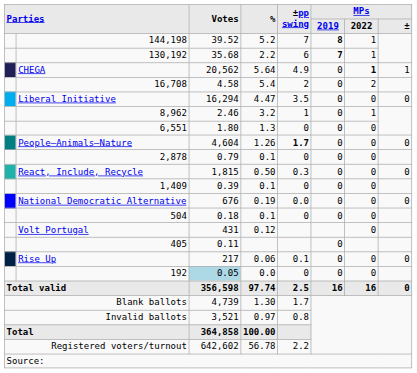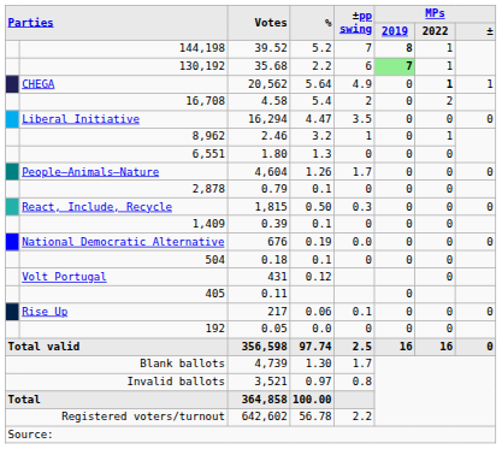 <table class="wikitable" style="text-align:right; font-size:95%;">
 <tr>
 <th rowspan="2" colspan="2" style="background:#e9e9e9; text-align:left;" alignleft><a href='#'>Parties</a></th>
 <th rowspan="2" style="background:#e9e9e9; text-align:right;">Votes</th>
 <th rowspan="2" style="background:#e9e9e9; text-align:right;">%</th>
 <th rowspan="2" style="background:#e9e9e9; text-align:right;">±<a href='#'>pp</a> <a href='#'>swing</a></th>
 <th colspan="3" style="background:#e9e9e9; text-align:center;"><a href='#'>MPs</a></th>
 </tr>
 <tr style="background-color:#E9E9E9">
 <th style="background-color:#E9E9E9;text-align:center;"><a href='#'>2019</a></th>
 <th style="background-color:#E9E9E9;text-align:center;">2022</th>
 <th style="background:#e9e9e9; text-align:right;">±</th>
 </tr>
 <tr>
 <td></td>
 <td>144,198</td>
 <td>39.52</td>
 <td>5.2</td>
 <td>7</td>
 <td><strong>8</strong></td>
 <td>1</td>
 </tr>
 <tr>
 <td></td>
 <td>130,192</td>
 <td>35.68</td>
 <td>2.2</td>
 <td>6</td>
-<td><strong>7</strong></td>
+<td style="background: lightgreen;"><strong>7</strong></td>
 <td>1</td>
 </tr>
 <tr>
 <td style="width: 10px" bgcolor="#202056" align="center"></td>
 <td align="left"><a href='#'>CHEGA</a></td>
 <td>20,562</td>
 <td>5.64</td>
 <td>4.9</td>
 <td>0</td>
 <td><strong>1</strong></td>
 <td>1</td>
 </tr>
 <tr>
 <td></td>
 <td>16,708</td>
 <td>4.58</td>
 <td>5.4</td>
 <td>2</td>
 <td>0</td>
 <td>2</td>
 </tr>
 <tr>
 <td style="width: 10px" bgcolor="#00ADEF" align="center"></td>
 <td align="left"><a href='#'>Liberal Initiative</a></td>
 <td>16,294</td>
 <td>4.47</td>
 <td>3.5</td>
 <td>0</td>
 <td>0</td>
 <td>0</td>
 </tr>
 <tr>
 <td></td>
 <td>8,962</td>
 <td>2.46</td>
 <td>3.2</td>
 <td>1</td>
 <td>0</td>
 <td>1</td>
 </tr>
 <tr>
 <td></td>
 <td>6,551</td>
 <td>1.80</td>
 <td>1.3</td>
 <td>0</td>
 <td>0</td>
 <td>0</td>
 </tr>
 <tr>
 <td style="width: 10px" bgcolor="teal" align="center"></td>
 <td align="left"><a href='#'>People–Animals–Nature</a></td>
 <td>4,604</td>
 <td>1.26</td>
-<td><strong>1.7</strong></td>
+<td>1.7</td>
 <td>0</td>
 <td>0</td>
 <td>0</td>
 </tr>
 <tr>
 <td></td>
 <td>2,878</td>
 <td>0.79</td>
 <td>0.1</td>
 <td>0</td>
 <td>0</td>
 <td>0</td>
 </tr>
 <tr>
 <td style="width: 10px" bgcolor="LightSeaGreen" align="center"></td>
 <td align="left"><a href='#'>React, Include, Recycle</a></td>
 <td>1,815</td>
 <td>0.50</td>
 <td>0.3</td>
 <td>0</td>
 <td>0</td>
 <td>0</td>
 </tr>
 <tr>
 <td></td>
 <td>1,409</td>
 <td>0.39</td>
 <td>0.1</td>
 <td>0</td>
 <td>0</td>
 <td>0</td>
 </tr>
 <tr>
 <td style="width: 10px" bgcolor="blue" align="center"></td>
 <td align="left"><a href='#'>National Democratic Alternative</a></td>
 <td>676</td>
 <td>0.19</td>
 <td>0.0</td>
 <td>0</td>
 <td>0</td>
 <td>0</td>
 </tr>
 <tr>
 <td></td>
 <td>504</td>
 <td>0.18</td>
 <td>0.1</td>
 <td>0</td>
 <td>0</td>
 <td>0</td>
 </tr>
 <tr>
 <td style="width: 10px"></td>
 <td align="left"><a href='#'>Volt Portugal</a></td>
 <td>431</td>
 <td>0.12</td>
 <td></td>
 <td></td>
 <td>0</td>
 <td></td>
 </tr>
 <tr>
 <td></td>
 <td>405</td>
 <td>0.11</td>
 <td></td>
 <td></td>
 <td>0</td>
 <td></td>
 </tr>
 <tr>
 <td style="width: 10px" bgcolor="#002147" align="center"></td>
 <td align="left"><a href='#'>Rise Up</a></td>
 <td>217</td>
 <td>0.06</td>
 <td>0.1</td>
 <td>0</td>
 <td>0</td>
 <td>0</td>
 </tr>
 <tr>
 <td></td>
 <td>192</td>
-<td style="background: lightblue;">0.05</td>
+<td>0.05</td>
 <td>0.0</td>
 <td>0</td>
 <td>0</td>
 <td>0</td>
 </tr>
 <tr>
 <td colspan=2 width="247" align=left style="background-color:#E9E9E9"><strong>Total valid</strong></td>
 <td width="65" align="right" style="background-color:#E9E9E9"><strong>356,598</strong></td>
 <td width="40" align="right" style="background-color:#E9E9E9"><strong>97.74</strong></td>
 <td width="40" align="right" style="background-color:#E9E9E9"><strong>2.5</strong></td>
 <td width="40" align="right" style="background-color:#E9E9E9"><strong>16</strong></td>
 <td width="40" align="right" style="background-color:#E9E9E9"><strong>16</strong></td>
 <td width="40" align="right" style="background-color:#E9E9E9"><strong>0</strong></td>
 </tr>
 <tr>
 <td colspan=2>Blank ballots</td>
 <td>4,739</td>
 <td>1.30</td>
 <td>1.7</td>
 <td colspan=4 rowspan=4></td>
 </tr>
 <tr>
 <td colspan=2>Invalid ballots</td>
 <td>3,521</td>
 <td>0.97</td>
 <td>0.8</td>
 </tr>
 <tr>
 <td colspan=2 align=left style="background-color:#E9E9E9"><strong>Total</strong></td>
 <td width="50" align="right" style="background-color:#E9E9E9"><strong>364,858</strong></td>
 <td width="40" align="right" style="background-color:#E9E9E9"><strong>100.00</strong></td>
 <td width="40" align="right" style="background-color:#E9E9E9"></td>
 </tr>
 <tr>
 <td colspan=2>Registered voters/turnout</td>
 <td>642,602</td>
 <td>56.78</td>
 <td>2.2</td>
 </tr>
 <tr>
 <td colspan=11 align=left>Source: </td>
 </tr>
 </table>
